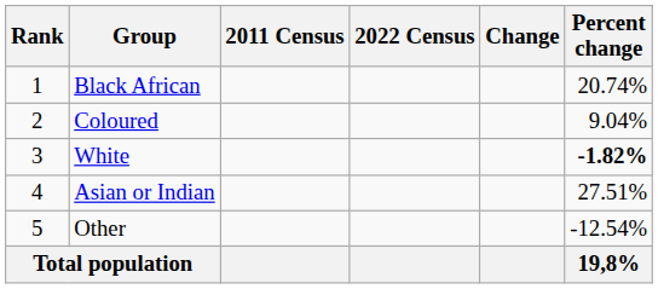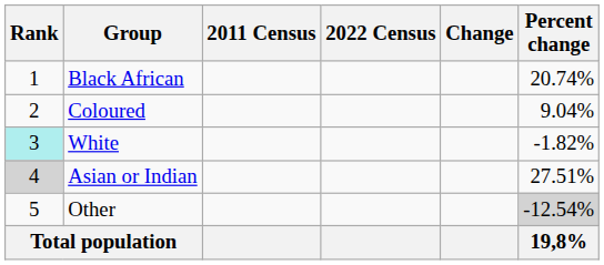 <table class="wikitable sortable" style="text-align: right;">
 <tr>
 <th data-sort-type="number">Rank</th>
 <th>Group</th>
 <th>2011 Census</th>
 <th>2022 Census</th>
 <th data-sort-type="number">Change</th>
 <th data-sort-type="number">Percent<br>change</th>
 </tr>
 <tr>
 <td style="text-align: center;">1 </td>
 <td style="text-align: left;"><a href='#'>Black African</a></td>
 <td></td>
 <td></td>
 <td> </td>
 <td>20.74% </td>
 </tr>
 <tr>
 <td style="text-align: center;">2 </td>
 <td style="text-align: left;"><a href='#'>Coloured</a></td>
 <td></td>
 <td></td>
 <td> </td>
 <td>9.04% </td>
 </tr>
 <tr>
-<td style="text-align: center;">3 </td>
+<td style="background: paleturquoise; text-align: center;">3 </td>
 <td style="text-align: left;"><a href='#'>White</a></td>
 <td></td>
 <td></td>
 <td> </td>
-<td><strong>-1.82% </strong></td>
+<td>-1.82% </td>
 </tr>
 <tr>
-<td style="text-align: center;">4 </td>
+<td style="background: lightgrey; text-align: center;">4 </td>
 <td style="text-align: left;"><a href='#'>Asian or Indian</a></td>
 <td></td>
 <td></td>
 <td> </td>
 <td>27.51% </td>
 </tr>
 <tr class="sortbottom">
 <td style="text-align: center;">5 </td>
 <td style="text-align: left;">Other</td>
 <td></td>
 <td></td>
 <td></td>
-<td>-12.54% </td>
+<td style="background: lightgrey;">-12.54% </td>
 </tr>
 <tr>
 <th colspan=2>Total population</th>
 <th></th>
 <th></th>
 <th> </th>
 <th>19,8% </th>
 </tr>
 </table>
